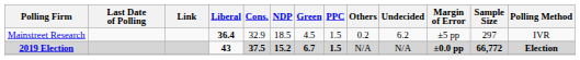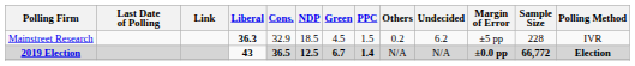 <table class="wikitable sortable" style="text-align:center;font-size:90%;line-height:14px;">
 <tr style="background:#e9e9e9;">
 <th style="width:120px">Polling Firm</th>
 <th style="width:110px">Last Date<br>of Polling</th>
 <th style="width:60px" class="unsortable">Link</th>
 <th style="background-color:"><a href='#'>Liberal</a></th>
 <th style="background-color:"><a href='#'>Cons.</a></th>
 <th style="background-color:"><a href='#'>NDP</a></th>
 <th style="background-color:"><a href='#'>Green</a></th>
 <th style="background-color:"><a href='#'><span>PPC</span></a></th>
 <th style="background-color:">Others</th>
 <th style="background-color:">Undecided</th>
 <th style="width:60px;" class=unsortable>Margin<br>of Error</th>
 <th style="width:50px;" class=unsortable>Sample<br>Size</th>
 <th class=unsortable>Polling Method</th>
 </tr>
 <tr>
 <td><a href='#'>Mainstreet Research</a></td>
 <td></td>
 <td></td>
-<td><strong>36.4</strong></td>
+<td><strong>36.3</strong></td>
 <td>32.9</td>
 <td>18.5</td>
 <td>4.5</td>
 <td>1.5</td>
 <td>0.2</td>
 <td>6.2</td>
 <td>±5 pp</td>
-<td>297</td>
+<td>228</td>
 <td>IVR</td>
 </tr>
 <tr>
 <td style="background:#D5D5D5"><strong><a href='#'>2019 Election</a></strong></td>
 <td style="background:#D5D5D5"><strong></strong></td>
 <td style="background:#D5D5D5"></td>
 <td><strong>43</strong></td>
-<td style="background:#D5D5D5"><strong>37.5</strong></td>
-<td style="background:#D5D5D5"><strong>15.2</strong></td>
+<td style="background:#D5D5D5"><strong>36.5</strong></td>
+<td style="background:#D5D5D5"><strong>12.5</strong></td>
 <td style="background:#D5D5D5"><strong>6.7</strong></td>
-<td style="background:#D5D5D5"><strong>1.5</strong></td>
+<td style="background:#D5D5D5"><strong>1.4</strong></td>
 <td style="background:#D5D5D5">N/A</td>
 <td style="background:#D5D5D5">N/A</td>
 <td style="background:#D5D5D5"><strong>±0.0 pp</strong></td>
 <td style="background:#D5D5D5"><strong>66,772</strong></td>
 <td style="background:#D5D5D5"><strong>Election</strong></td>
 </tr>
 <tr>
 </tr>
 <tr>
 </tr>
 </table>
